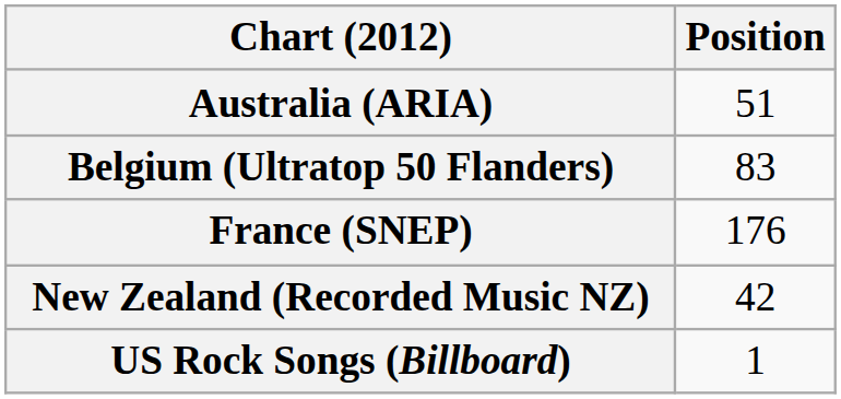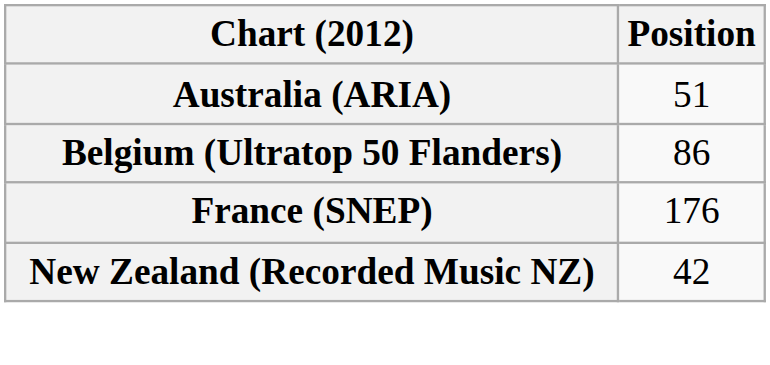 <table class="wikitable plainrowheaders sortable" style="text-align:center">
 <tr>
 <th scope="col" style="width:16em;">Chart (2012)</th>
 <th scope="col">Position</th>
 </tr>
 <tr>
 <th scope="row">Australia (ARIA)</th>
 <td>51</td>
 </tr>
 <tr>
 <th scope="row">Belgium (Ultratop 50 Flanders)</th>
-<td>83</td>
+<td>86</td>
 </tr>
 <tr>
 <th scope="row">France (SNEP)</th>
 <td>176</td>
 </tr>
 <tr>
 <th scope="row">New Zealand (Recorded Music NZ)</th>
 <td>42</td>
 </tr>
-<tr>
-<th scope="row">US Rock Songs (<em>Billboard</em>)</th>
-<td>1</td>
-</tr>
 </table>
